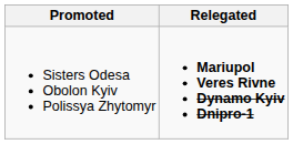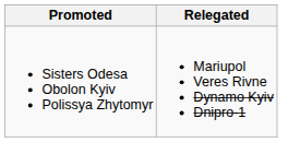 <table class="wikitable">
 <tr>
 <th>Promoted</th>
 <th>Relegated</th>
 </tr>
 <tr>
 <td><br><ul><li>Sisters Odesa</li><li>Obolon Kyiv</li><li>Polissya Zhytomyr</li></ul></td>
-<td><strong><br><ul><li>Mariupol</li><li>Veres Rivne</li><li><del>Dynamo Kyiv</del></li><li><del>Dnipro-1</del></li></ul></strong></td>
+<td><br><ul><li>Mariupol</li><li>Veres Rivne</li><li><del>Dynamo Kyiv</del></li><li><del>Dnipro-1</del></li></ul></td>
 </tr>
 </table>
